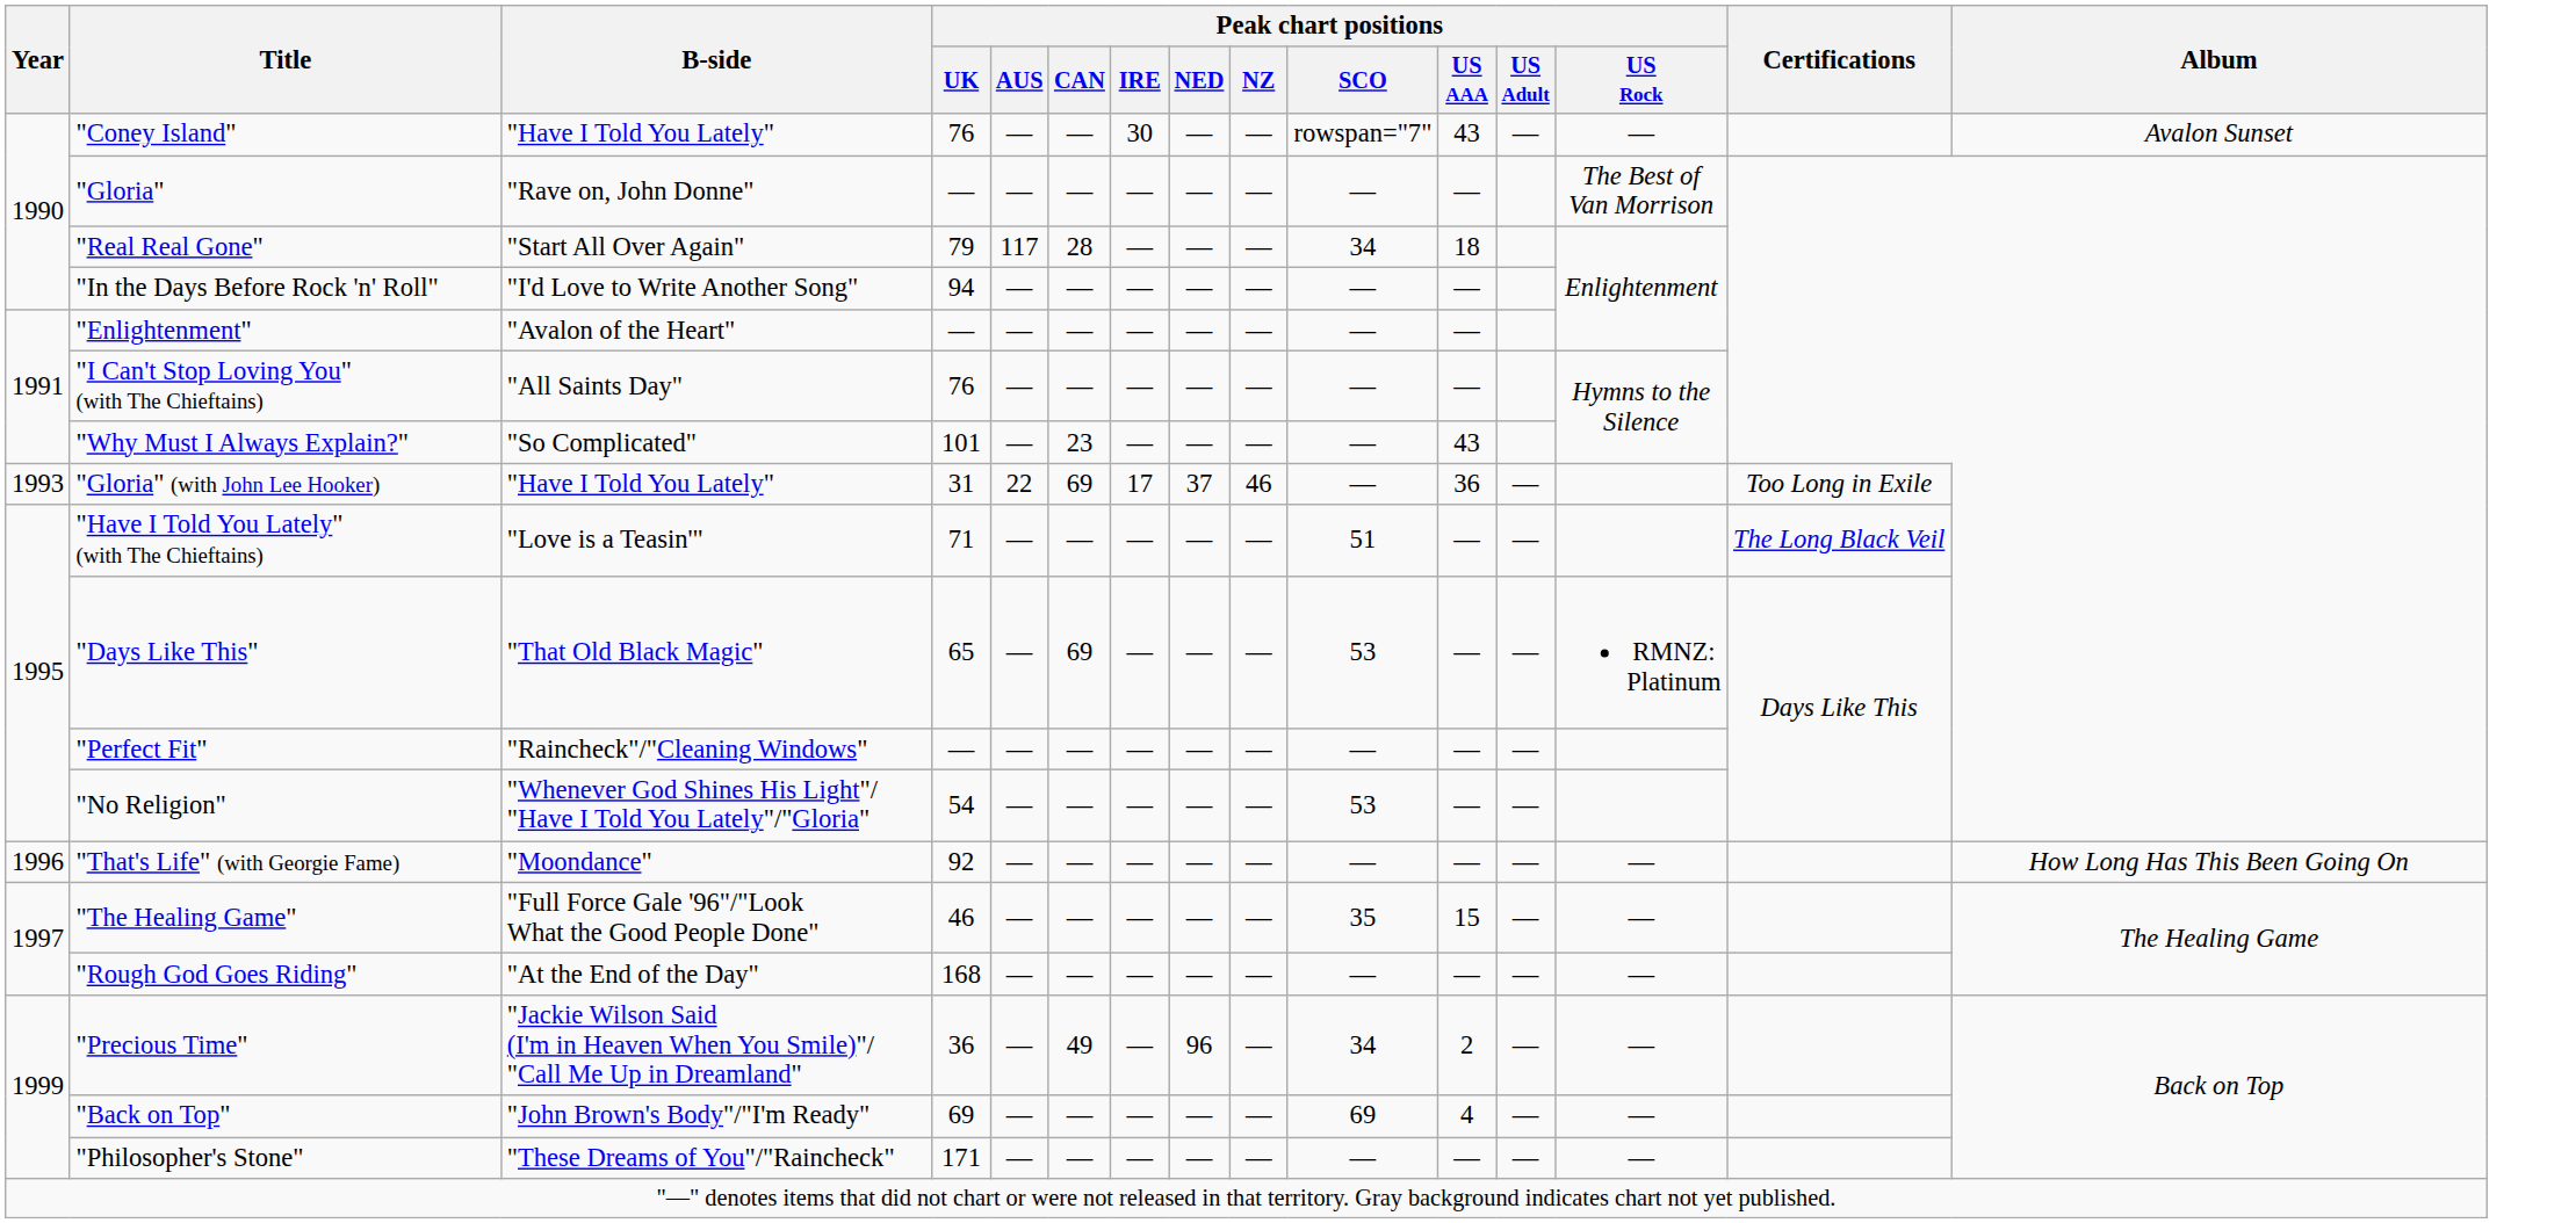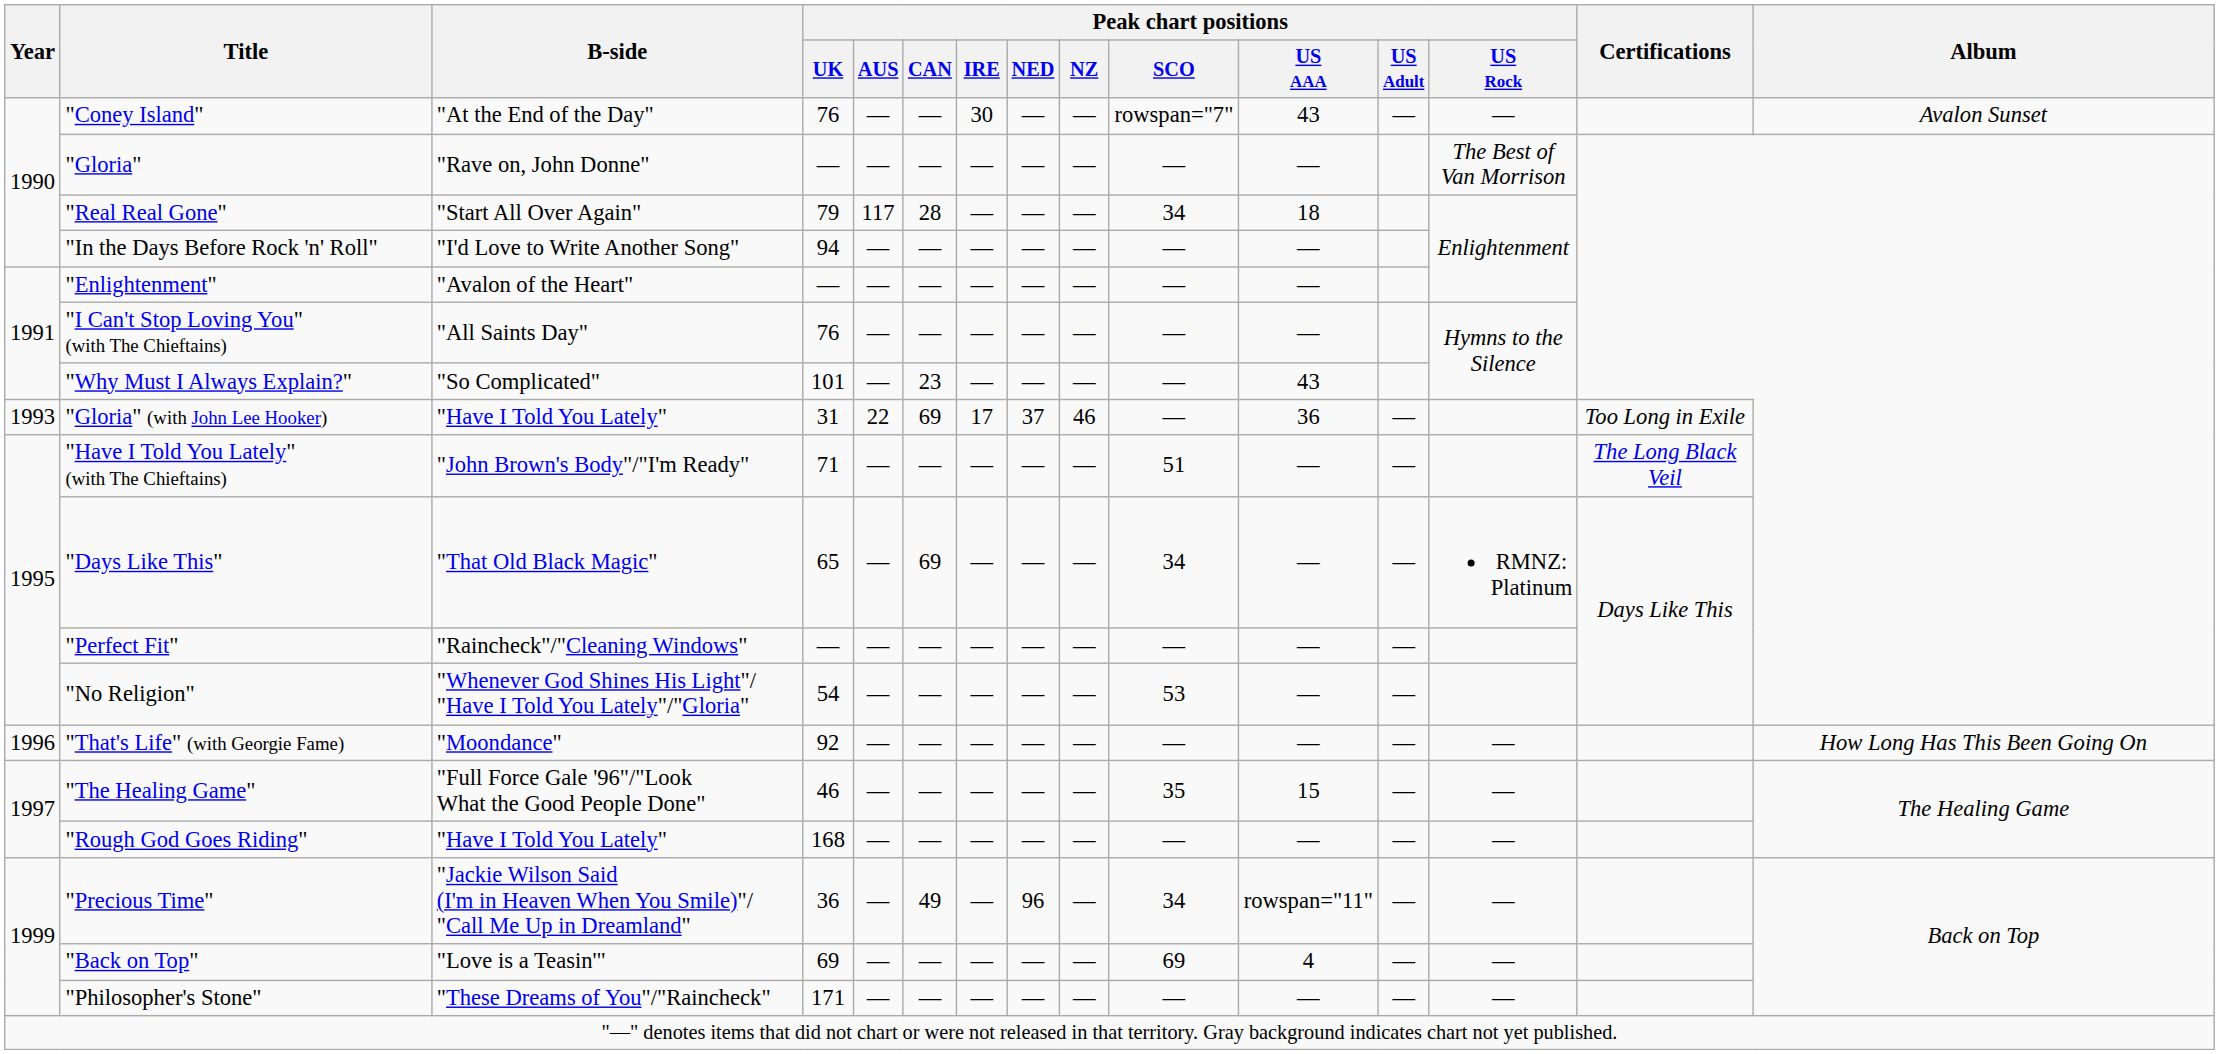 <table class="wikitable" style="text-align:center;">
 <tr>
 <th rowspan="2" style="width:2em;">Year</th>
 <th rowspan="2" style="width:16em;">Title</th>
 <th rowspan="2" style="width:16em;">B-side</th>
 <th colspan="10">Peak chart positions</th>
 <th rowspan="2">Certifications</th>
 <th rowspan="2" style="width:20em;">Album</th>
 </tr>
 <tr>
 <th style="width:2em;font-size:90%;"><a href='#'>UK</a><br></th>
 <th style="width:2em;font-size:90%;"><a href='#'>AUS</a><br></th>
 <th style="width:2em;font-size:90%;"><a href='#'>CAN</a><br></th>
 <th style="width:2em;font-size:90%;"><a href='#'>IRE</a><br></th>
 <th style="width:2em;font-size:90%;"><a href='#'>NED</a><br></th>
 <th style="width:2em;font-size:90%;"><a href='#'>NZ</a><br></th>
 <th style="width:2em;font-size:90%;"><a href='#'>SCO</a><br></th>
 <th style="width:2em;font-size:90%;"><a href='#'>US<br><small>AAA</small></a><br></th>
 <th style="width:2em;font-size:90%;"><a href='#'>US<br><small>Adult</small></a><br></th>
 <th style="width:2em;font-size:90%;"><a href='#'>US<br><small>Rock</small></a><br></th>
 </tr>
 <tr>
 <td rowspan="4">1990</td>
 <td style="text-align:left;">"<a href='#'>Coney Island</a>"</td>
-<td style="text-align:left;">"<a href='#'>Have I Told You Lately</a>"</td>
+<td style="text-align:left;">"At the End of the Day"</td>
 <td>76</td>
 <td>—</td>
 <td>—</td>
 <td>30</td>
 <td>—</td>
 <td>—</td>
 <td>rowspan="7" </td>
 <td>43</td>
 <td>—</td>
 <td>—</td>
 <td></td>
 <td><em>Avalon Sunset</em></td>
 </tr>
 <tr>
 <td style="text-align:left;">"<a href='#'>Gloria</a>"</td>
 <td style="text-align:left;">"Rave on, John Donne"</td>
 <td>—</td>
 <td>—</td>
 <td>—</td>
 <td>—</td>
 <td>—</td>
 <td>—</td>
 <td>—</td>
 <td>—</td>
 <td></td>
 <td><em>The Best of Van Morrison</em></td>
 </tr>
 <tr>
 <td style="text-align:left;">"<a href='#'>Real Real Gone</a>"</td>
 <td style="text-align:left;">"Start All Over Again"</td>
 <td>79</td>
 <td>117</td>
 <td>28</td>
 <td>—</td>
 <td>—</td>
 <td>—</td>
 <td>34</td>
 <td>18</td>
 <td></td>
 <td rowspan="3"><em>Enlightenment</em></td>
 </tr>
 <tr>
 <td style="text-align:left;">"In the Days Before Rock 'n' Roll"</td>
 <td style="text-align:left;">"I'd Love to Write Another Song"</td>
 <td>94</td>
 <td>—</td>
 <td>—</td>
 <td>—</td>
 <td>—</td>
 <td>—</td>
 <td>—</td>
 <td>—</td>
 <td></td>
 </tr>
 <tr>
 <td rowspan="3">1991</td>
 <td style="text-align:left;">"<a href='#'>Enlightenment</a>"</td>
 <td style="text-align:left;">"Avalon of the Heart"</td>
 <td>—</td>
 <td>—</td>
 <td>—</td>
 <td>—</td>
 <td>—</td>
 <td>—</td>
 <td>—</td>
 <td>—</td>
 <td></td>
 </tr>
 <tr>
 <td style="text-align:left;">"<a href='#'>I Can't Stop Loving You</a>"<br><small>(with The Chieftains)</small></td>
 <td style="text-align:left;">"All Saints Day"</td>
 <td>76</td>
 <td>—</td>
 <td>—</td>
 <td>—</td>
 <td>—</td>
 <td>—</td>
 <td>—</td>
 <td>—</td>
 <td></td>
 <td rowspan="2"><em>Hymns to the Silence</em></td>
 </tr>
 <tr>
 <td style="text-align:left;">"<a href='#'>Why Must I Always Explain?</a>"</td>
 <td style="text-align:left;">"So Complicated"</td>
 <td>101</td>
 <td>—</td>
 <td>23</td>
 <td>—</td>
 <td>—</td>
 <td>—</td>
 <td>—</td>
 <td>43</td>
 <td></td>
 </tr>
 <tr>
 <td>1993</td>
 <td style="text-align:left;">"<a href='#'>Gloria</a>" <small>(with <a href='#'>John Lee Hooker</a>)</small></td>
 <td style="text-align:left;">"<a href='#'>Have I Told You Lately</a>"</td>
 <td>31</td>
 <td>22</td>
 <td>69</td>
 <td>17</td>
 <td>37</td>
 <td>46</td>
 <td>—</td>
 <td>36</td>
 <td>—</td>
 <td></td>
 <td><em>Too Long in Exile</em></td>
 </tr>
 <tr>
 <td rowspan="4">1995</td>
 <td style="text-align:left;">"<a href='#'>Have I Told You Lately</a>"<br><small>(with The Chieftains)</small></td>
-<td style="text-align:left;">"Love is a Teasin'"</td>
+<td style="text-align:left;">"<a href='#'>John Brown's Body</a>"/"I'm Ready"</td>
 <td>71</td>
 <td>—</td>
 <td>—</td>
 <td>—</td>
 <td>—</td>
 <td>—</td>
 <td>51</td>
 <td>—</td>
 <td>—</td>
 <td></td>
 <td><em><a href='#'>The Long Black Veil</a></em></td>
 </tr>
 <tr>
 <td style="text-align:left;">"<a href='#'>Days Like This</a>"</td>
 <td style="text-align:left;">"<a href='#'>That Old Black Magic</a>"</td>
 <td>65</td>
 <td>—</td>
 <td>69</td>
 <td>—</td>
 <td>—</td>
 <td>—</td>
-<td>53</td>
+<td>34</td>
 <td>—</td>
 <td>—</td>
 <td><br><ul><li>RMNZ: Platinum</li></ul></td>
 <td rowspan="3"><em>Days Like This</em></td>
 </tr>
 <tr>
 <td style="text-align:left;">"<a href='#'>Perfect Fit</a>"</td>
 <td style="text-align:left;">"Raincheck"/"<a href='#'>Cleaning Windows</a>"</td>
 <td>—</td>
 <td>—</td>
 <td>—</td>
 <td>—</td>
 <td>—</td>
 <td>—</td>
 <td>—</td>
 <td>—</td>
 <td>—</td>
 <td></td>
 </tr>
 <tr>
 <td style="text-align:left;">"No Religion"</td>
 <td style="text-align:left;">"<a href='#'>Whenever God Shines His Light</a>"/<br>"<a href='#'>Have I Told You Lately</a>"/"<a href='#'>Gloria</a>"</td>
 <td>54</td>
 <td>—</td>
 <td>—</td>
 <td>—</td>
 <td>—</td>
 <td>—</td>
 <td>53</td>
 <td>—</td>
 <td>—</td>
 <td></td>
 </tr>
 <tr>
 <td>1996</td>
 <td style="text-align:left;">"<a href='#'>That's Life</a>" <small>(with Georgie Fame)</small></td>
 <td style="text-align:left;">"<a href='#'>Moondance</a>"</td>
 <td>92</td>
 <td>—</td>
 <td>—</td>
 <td>—</td>
 <td>—</td>
 <td>—</td>
 <td>—</td>
 <td>—</td>
 <td>—</td>
 <td>—</td>
 <td></td>
 <td><em>How Long Has This Been Going On</em></td>
 </tr>
 <tr>
 <td rowspan="2">1997</td>
 <td style="text-align:left;">"<a href='#'>The Healing Game</a>"</td>
 <td style="text-align:left;">"Full Force Gale '96"/"Look<br>What the Good People Done"</td>
 <td>46</td>
 <td>—</td>
 <td>—</td>
 <td>—</td>
 <td>—</td>
 <td>—</td>
 <td>35</td>
 <td>15</td>
 <td>—</td>
 <td>—</td>
 <td></td>
 <td rowspan="2"><em>The Healing Game</em></td>
 </tr>
 <tr>
 <td style="text-align:left;">"<a href='#'>Rough God Goes Riding</a>"</td>
-<td style="text-align:left;">"At the End of the Day"</td>
+<td style="text-align:left;">"<a href='#'>Have I Told You Lately</a>"</td>
 <td>168</td>
 <td>—</td>
 <td>—</td>
 <td>—</td>
 <td>—</td>
 <td>—</td>
 <td>—</td>
 <td>—</td>
 <td>—</td>
 <td>—</td>
 <td></td>
 </tr>
 <tr>
 <td rowspan="3">1999</td>
 <td style="text-align:left;">"<a href='#'>Precious Time</a>"</td>
 <td style="text-align:left;">"<a href='#'>Jackie Wilson Said<br>(I'm in Heaven When You Smile)</a>"/<br>"<a href='#'>Call Me Up in Dreamland</a>"</td>
 <td>36</td>
 <td>—</td>
 <td>49</td>
 <td>—</td>
 <td>96</td>
 <td>—</td>
 <td>34</td>
-<td>2</td>
+<td>rowspan="11" </td>
 <td>—</td>
 <td>—</td>
 <td></td>
 <td rowspan="3"><em>Back on Top</em></td>
 </tr>
 <tr>
 <td style="text-align:left;">"<a href='#'>Back on Top</a>"</td>
-<td style="text-align:left;">"<a href='#'>John Brown's Body</a>"/"I'm Ready"</td>
+<td style="text-align:left;">"Love is a Teasin'"</td>
 <td>69</td>
 <td>—</td>
 <td>—</td>
 <td>—</td>
 <td>—</td>
 <td>—</td>
 <td>69</td>
 <td>4</td>
 <td>—</td>
 <td>—</td>
 <td></td>
 </tr>
 <tr>
 <td style="text-align:left;">"Philosopher's Stone"</td>
 <td style="text-align:left;">"<a href='#'>These Dreams of You</a>"/"Raincheck"</td>
 <td>171</td>
 <td>—</td>
 <td>—</td>
 <td>—</td>
 <td>—</td>
 <td>—</td>
 <td>—</td>
 <td>—</td>
 <td>—</td>
 <td>—</td>
 <td></td>
 </tr>
 <tr>
 <td colspan="15" style="font-size:90%">"—" denotes items that did not chart or were not released in that territory. Gray background indicates chart not yet published.</td>
 </tr>
 </table>
